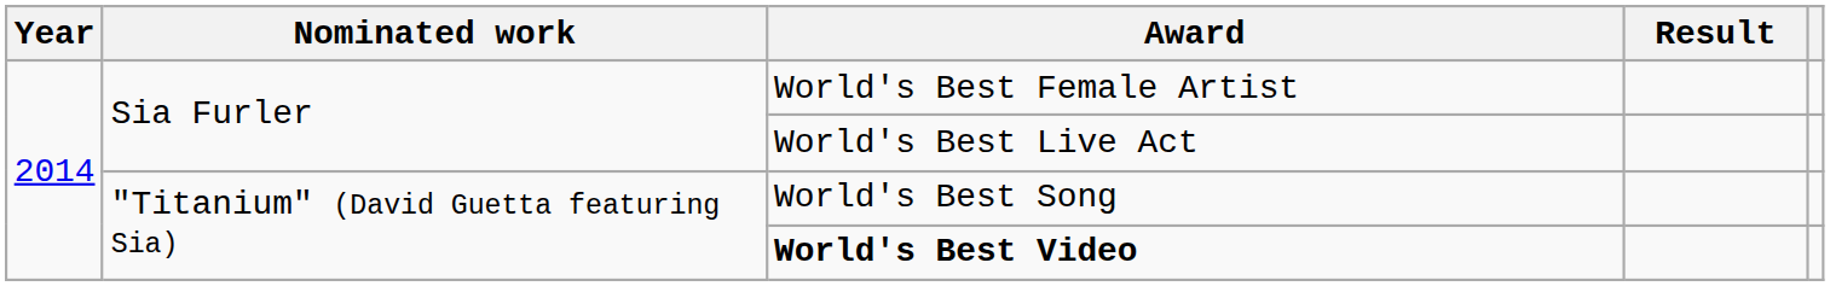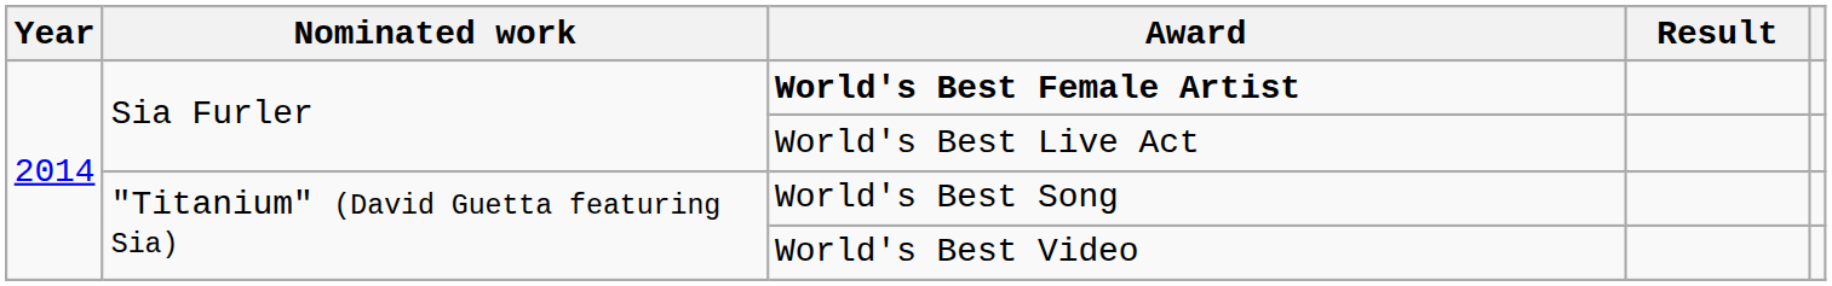 <table class="wikitable">
 <tr>
 <th>Year</th>
 <th style="width:250px;">Nominated work</th>
 <th style="width:325px;">Award</th>
 <th width="65">Result</th>
 <th></th>
 </tr>
 <tr>
 <td style="text-align:center;" rowspan="4"><a href='#'>2014</a></td>
 <td rowspan=2>Sia Furler</td>
-<td>World's Best Female Artist</td>
+<td><strong>World's Best Female Artist</strong></td>
 <td></td>
 <td style="text-align:center;"></td>
 </tr>
 <tr>
 <td>World's Best Live Act</td>
 <td></td>
 <td style="text-align:center;"></td>
 </tr>
 <tr>
 <td rowspan=2>"Titanium" <small>(David Guetta featuring Sia)</small></td>
 <td>World's Best Song</td>
 <td></td>
 <td style="text-align:center;"></td>
 </tr>
 <tr>
-<td><strong>World's Best Video</strong></td>
+<td>World's Best Video</td>
 <td></td>
 <td style="text-align:center;"></td>
 </tr>
 </table>
